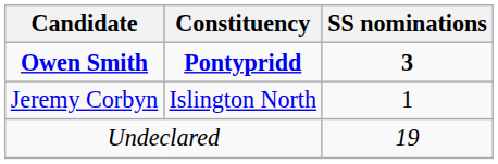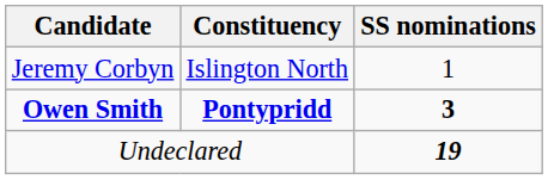 <table class="wikitable floatright">
 <tr>
 <th>Candidate</th>
 <th>Constituency</th>
 <th>SS nominations</th>
 </tr>
 <tr style="text-align: center;" |>
+<td><a href='#'>Jeremy Corbyn</a></td>
+<td><a href='#'>Islington North</a></td>
+<td>1</td>
+</tr>
+<tr style="text-align: center;" |>
 <td><strong><a href='#'>Owen Smith</a></strong></td>
 <td><strong><a href='#'>Pontypridd</a></strong></td>
 <td><strong>3</strong></td>
 </tr>
-<tr style="text-align: center;" |>
-<td><a href='#'>Jeremy Corbyn</a></td>
-<td><a href='#'>Islington North</a></td>
-<td>1</td>
-</tr>
 <tr style="background-color: ">
 <td colspan="2" style="text-align: center;"><em>Undeclared</em></td>
-<td style="text-align: center;"><em>19</em></td>
+<td style="text-align: center;"><strong><em>19</em></strong></td>
 </tr>
 </table>
